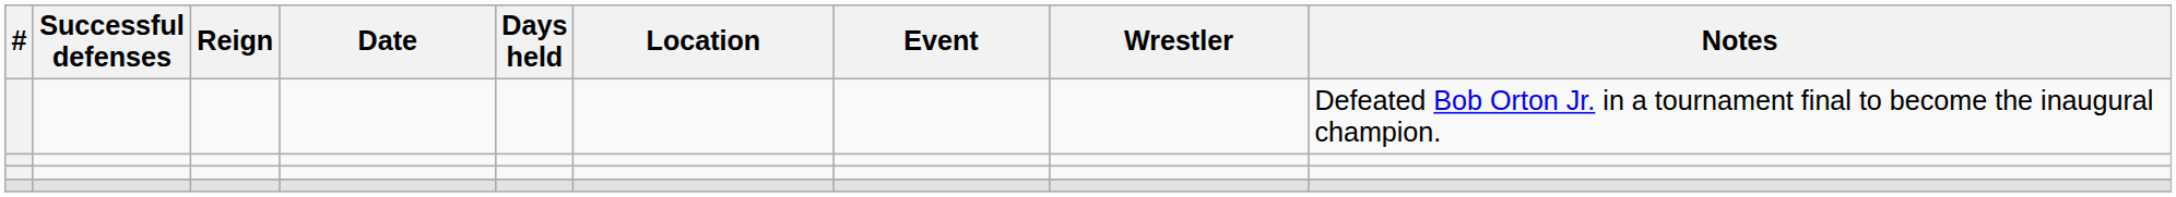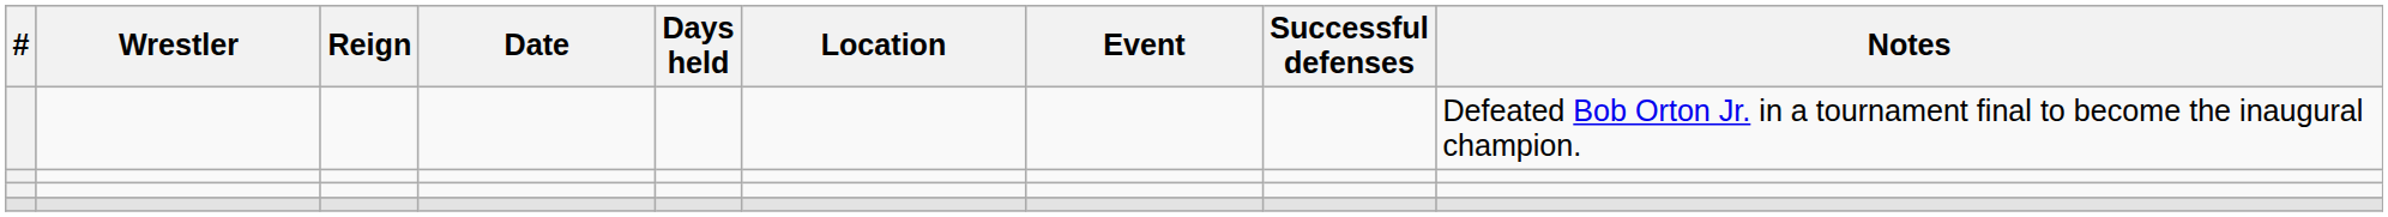 <table class="wikitable sortable" width=100% style="text-align: center">
 <tr>
 <th width=0%>#</th>
-<th width=0%>Successful defenses</th>
+<th width=12%>Wrestler</th>
 <th width=0%>Reign</th>
 <th width=10%>Date</th>
 <th width=0%>Days held</th>
 <th width=12%>Location</th>
 <th width=10%>Event</th>
-<th width=12%>Wrestler</th>
+<th width=0%>Successful defenses</th>
 <th width=40% class="unsortable">Notes</th>
 </tr>
 <tr>
 <th></th>
 <td></td>
 <td></td>
 <td></td>
 <td></td>
 <td></td>
 <td></td>
 <td></td>
 <td align=left>Defeated <a href='#'>Bob Orton Jr.</a> in a tournament final to become the inaugural champion.</td>
 </tr>
 <tr>
 <th></th>
 <td></td>
 <td></td>
 <td></td>
 <td></td>
 <td></td>
 <td></td>
 <td></td>
 <td></td>
 </tr>
 <tr>
 <th></th>
 <td></td>
 <td></td>
 <td></td>
 <td></td>
 <td></td>
 <td></td>
 <td></td>
 <td></td>
 </tr>
 <tr style="background:#e3e3e3">
 <td></td>
 <td></td>
 <td></td>
 <td></td>
 <td></td>
 <td></td>
 <td></td>
 <td></td>
 <td></td>
 </tr>
 </table>
